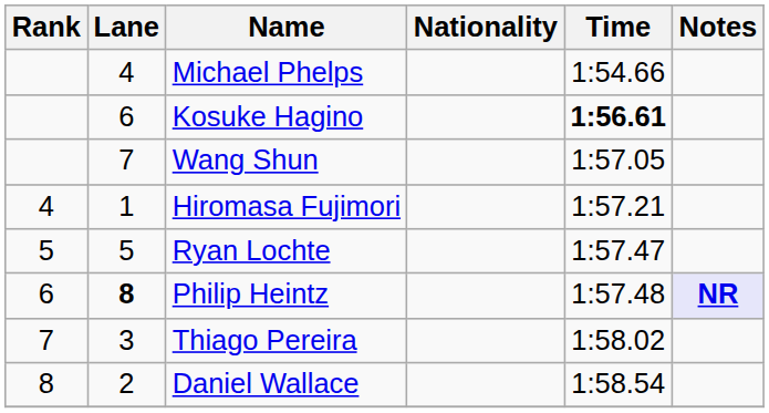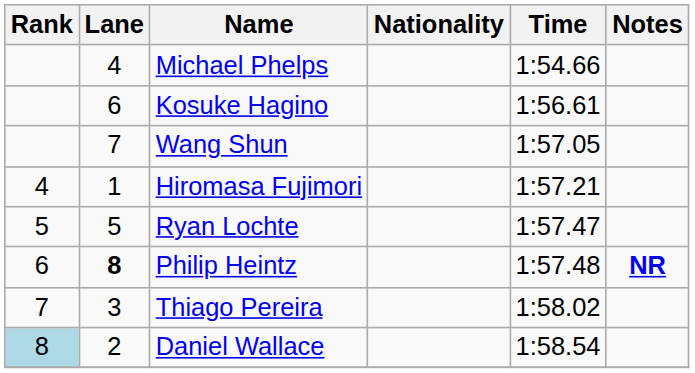 <table class="wikitable sortable" style="text-align:center">
 <tr>
 <th>Rank</th>
 <th>Lane</th>
 <th>Name</th>
 <th>Nationality</th>
 <th>Time</th>
 <th>Notes</th>
 </tr>
 <tr>
 <td></td>
 <td>4</td>
 <td align=left><a href='#'>Michael Phelps</a></td>
 <td align=left></td>
 <td>1:54.66</td>
 <td></td>
 </tr>
 <tr>
 <td></td>
 <td>6</td>
 <td align=left><a href='#'>Kosuke Hagino</a></td>
 <td align=left></td>
-<td><strong>1:56.61</strong></td>
+<td>1:56.61</td>
 <td></td>
 </tr>
 <tr>
 <td></td>
 <td>7</td>
 <td align=left><a href='#'>Wang Shun</a></td>
 <td align=left></td>
 <td>1:57.05</td>
 <td></td>
 </tr>
 <tr>
 <td>4</td>
 <td>1</td>
 <td align=left><a href='#'>Hiromasa Fujimori</a></td>
 <td align=left></td>
 <td>1:57.21</td>
 <td></td>
 </tr>
 <tr>
 <td>5</td>
 <td>5</td>
 <td align=left><a href='#'>Ryan Lochte</a></td>
 <td align=left></td>
 <td>1:57.47</td>
 <td></td>
 </tr>
 <tr>
 <td>6</td>
 <td><strong>8</strong></td>
 <td align=left><a href='#'>Philip Heintz</a></td>
 <td align=left></td>
 <td>1:57.48</td>
-<td style="background: lavender;"><strong><a href='#'>NR</a></strong></td>
+<td><strong><a href='#'>NR</a></strong></td>
 </tr>
 <tr>
 <td>7</td>
 <td>3</td>
 <td align=left><a href='#'>Thiago Pereira</a></td>
 <td align=left></td>
 <td>1:58.02</td>
 <td></td>
 </tr>
 <tr>
-<td>8</td>
+<td style="background: lightblue;">8</td>
 <td>2</td>
 <td align=left><a href='#'>Daniel Wallace</a></td>
 <td align=left></td>
 <td>1:58.54</td>
 <td></td>
 </tr>
 <tr>
 </tr>
 </table>
